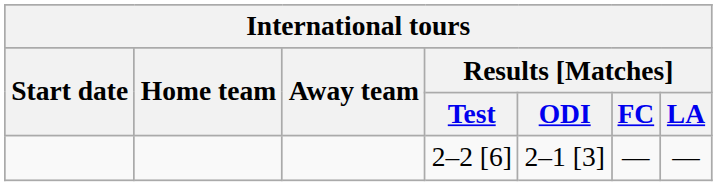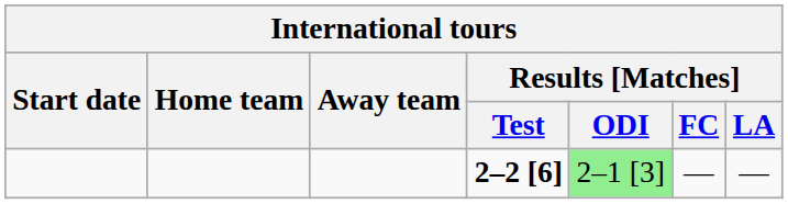 <table class="wikitable">
 <tr>
 <th colspan="7">International tours</th>
 </tr>
 <tr>
 <th rowspan="2">Start date</th>
 <th rowspan="2">Home team</th>
 <th rowspan="2">Away team</th>
 <th colspan="4">Results [Matches]</th>
 </tr>
 <tr>
 <th><a href='#'>Test</a></th>
 <th><a href='#'>ODI</a></th>
 <th><a href='#'>FC</a></th>
 <th><a href='#'>LA</a></th>
 </tr>
 <tr>
 <td><a href='#'></a></td>
 <td></td>
 <td></td>
-<td>2–2 [6]</td>
-<td>2–1 [3]</td>
+<td><strong>2–2 [6]</strong></td>
+<td style="background: lightgreen;">2–1 [3]</td>
 <td ; style="text-align:center">—</td>
 <td ; style="text-align:center">—</td>
 </tr>
 </table>
